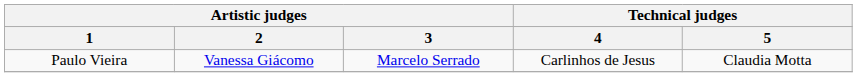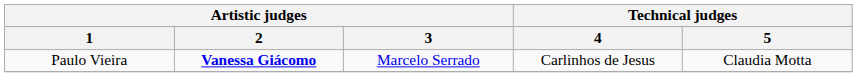 <table class="wikitable" style="font-size:100%; line-height:16px; text-align:center" width="100%">
 <tr TBA>
 <th colspan=3>Artistic judges</th>
 <th colspan=2>Technical judges</th>
 </tr>
 <tr>
 <th width="20.0%">1</th>
 <th width="20.0%">2</th>
 <th width="20.0%">3</th>
 <th width="20.0%">4</th>
 <th width="20.0%">5</th>
 </tr>
 <tr>
 <td>Paulo Vieira</td>
-<td><a href='#'>Vanessa Giácomo</a></td>
+<td><strong><a href='#'>Vanessa Giácomo</a></strong></td>
 <td><a href='#'>Marcelo Serrado</a></td>
 <td>Carlinhos de Jesus</td>
 <td>Claudia Motta</td>
 </tr>
 <tr>
 </tr>
 </table>
